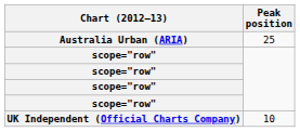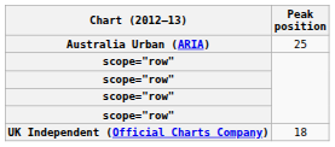 <table class="wikitable sortable plainrowheaders" style="text-align:center">
 <tr>
 <th scope="col">Chart (2012–13)</th>
 <th scope="col">Peak<br>position</th>
 </tr>
 <tr>
 <th scope="row">Australia Urban (<a href='#'>ARIA</a>)</th>
 <td>25</td>
 </tr>
 <tr>
 <th>scope="row"</th>
 </tr>
 <tr>
 <th>scope="row"</th>
 </tr>
 <tr>
 <th>scope="row"</th>
 </tr>
 <tr>
 <th>scope="row"</th>
 </tr>
 <tr>
 <th scope="row">UK Independent (<a href='#'>Official Charts Company</a>)</th>
-<td>10</td>
+<td>18</td>
 </tr>
 </table>
